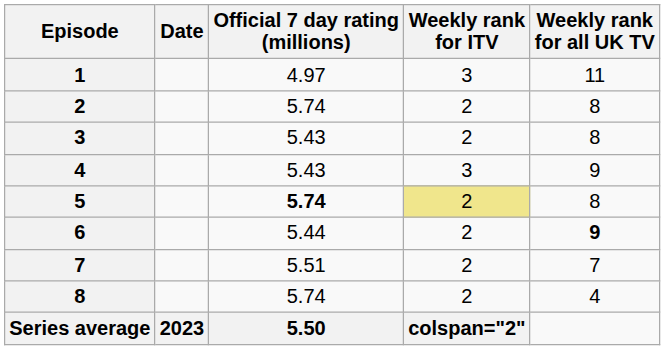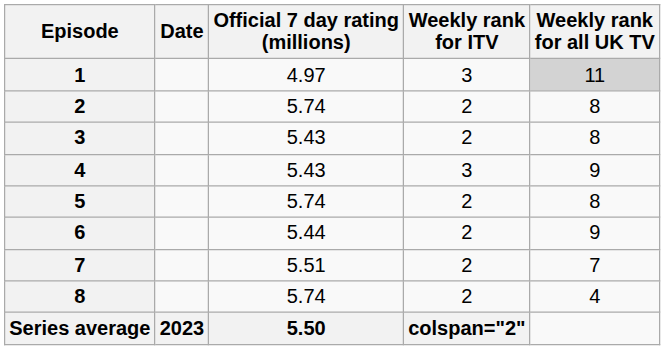 <table class="wikitable sortable" style="text-align:center">
 <tr>
 <th scope="col">Episode</th>
 <th scope="col">Date</th>
 <th scope="col">Official 7 day rating<br>(millions)</th>
 <th scope="col">Weekly rank<br>for ITV</th>
 <th scope="col">Weekly rank<br>for all UK TV</th>
 </tr>
 <tr>
 <th scope="row">1</th>
 <td></td>
 <td>4.97</td>
 <td>3</td>
-<td>11</td>
+<td style="background: lightgrey;">11</td>
 </tr>
 <tr>
 <th scope="row">2</th>
 <td></td>
 <td>5.74</td>
 <td>2</td>
 <td>8</td>
 </tr>
 <tr>
 <th scope="row">3</th>
 <td></td>
 <td>5.43</td>
 <td>2</td>
 <td>8</td>
 </tr>
 <tr>
 <th scope="row">4</th>
 <td></td>
 <td>5.43</td>
 <td>3</td>
 <td>9</td>
 </tr>
 <tr>
 <th scope="row">5</th>
 <td></td>
-<td><strong>5.74</strong></td>
-<td style="background: khaki;">2</td>
+<td>5.74</td>
+<td>2</td>
 <td>8</td>
 </tr>
 <tr>
 <th scope="row">6</th>
 <td></td>
 <td>5.44</td>
 <td>2</td>
-<td><strong>9</strong></td>
+<td>9</td>
 </tr>
 <tr>
 <th scope="row">7</th>
 <td></td>
 <td>5.51</td>
 <td>2</td>
 <td>7</td>
 </tr>
 <tr>
 <th scope="row">8</th>
 <td></td>
 <td>5.74</td>
 <td>2</td>
 <td>4</td>
 </tr>
 <tr>
 <th scope="row">Series average</th>
 <th>2023</th>
 <th>5.50</th>
 <th>colspan="2" </th>
 </tr>
 </table>
